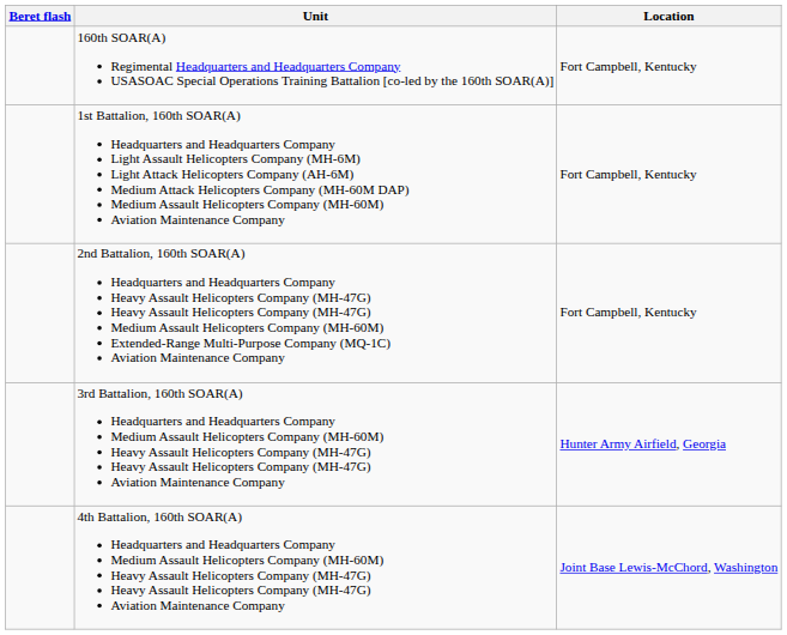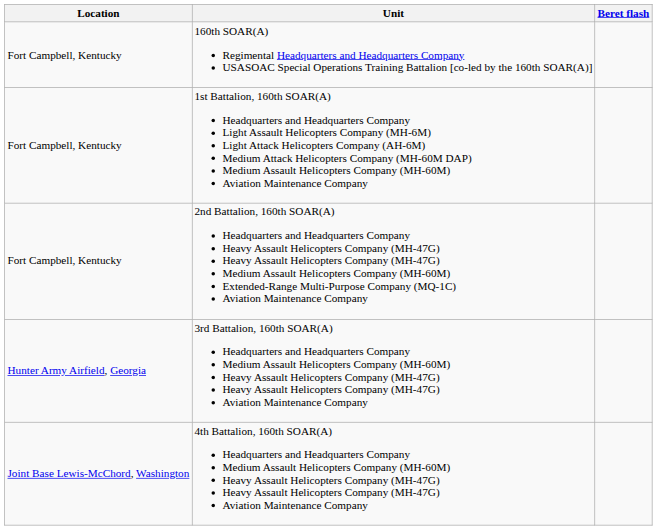 <table class="wikitable" style="margin-left: auto; margin-right: auto; border: none;">
 <tr>
+<th>Location</th>
+<th>Unit</th>
 <th><a href='#'>Beret flash</a></th>
-<th>Unit</th>
-<th>Location</th>
 </tr>
 <tr>
+<td>Fort Campbell, Kentucky</td>
+<td>160th SOAR(A)<br><ul><li>Regimental <a href='#'>Headquarters and Headquarters Company</a></li><li>USASOAC Special Operations Training Battalion [co-led by the 160th SOAR(A)]</li></ul></td>
 <td></td>
-<td>160th SOAR(A)<br><ul><li>Regimental <a href='#'>Headquarters and Headquarters Company</a></li><li>USASOAC Special Operations Training Battalion [co-led by the 160th SOAR(A)]</li></ul></td>
-<td>Fort Campbell, Kentucky</td>
 </tr>
 <tr>
+<td>Fort Campbell, Kentucky</td>
+<td>1st Battalion, 160th SOAR(A)<br><ul><li>Headquarters and Headquarters Company</li><li>Light Assault Helicopters Company (MH-6M)</li><li>Light Attack Helicopters Company (AH-6M)</li><li>Medium Attack Helicopters Company (MH-60M DAP)</li><li>Medium Assault Helicopters Company (MH-60M)</li><li>Aviation Maintenance Company</li></ul></td>
 <td></td>
-<td>1st Battalion, 160th SOAR(A)<br><ul><li>Headquarters and Headquarters Company</li><li>Light Assault Helicopters Company (MH-6M)</li><li>Light Attack Helicopters Company (AH-6M)</li><li>Medium Attack Helicopters Company (MH-60M DAP)</li><li>Medium Assault Helicopters Company (MH-60M)</li><li>Aviation Maintenance Company</li></ul></td>
-<td>Fort Campbell, Kentucky</td>
 </tr>
 <tr>
+<td>Fort Campbell, Kentucky</td>
+<td>2nd Battalion, 160th SOAR(A)<br><ul><li>Headquarters and Headquarters Company</li><li>Heavy Assault Helicopters Company (MH-47G)</li><li>Heavy Assault Helicopters Company (MH-47G)</li><li>Medium Assault Helicopters Company (MH-60M)</li><li>Extended-Range Multi-Purpose Company (MQ-1C)</li><li>Aviation Maintenance Company</li></ul></td>
 <td></td>
-<td>2nd Battalion, 160th SOAR(A)<br><ul><li>Headquarters and Headquarters Company</li><li>Heavy Assault Helicopters Company (MH-47G)</li><li>Heavy Assault Helicopters Company (MH-47G)</li><li>Medium Assault Helicopters Company (MH-60M)</li><li>Extended-Range Multi-Purpose Company (MQ-1C)</li><li>Aviation Maintenance Company</li></ul></td>
-<td>Fort Campbell, Kentucky</td>
 </tr>
 <tr>
+<td><a href='#'>Hunter Army Airfield</a>, <a href='#'>Georgia</a></td>
+<td>3rd Battalion, 160th SOAR(A)<br><ul><li>Headquarters and Headquarters Company</li><li>Medium Assault Helicopters Company (MH-60M)</li><li>Heavy Assault Helicopters Company (MH-47G)</li><li>Heavy Assault Helicopters Company (MH-47G)</li><li>Aviation Maintenance Company</li></ul></td>
 <td></td>
-<td>3rd Battalion, 160th SOAR(A)<br><ul><li>Headquarters and Headquarters Company</li><li>Medium Assault Helicopters Company (MH-60M)</li><li>Heavy Assault Helicopters Company (MH-47G)</li><li>Heavy Assault Helicopters Company (MH-47G)</li><li>Aviation Maintenance Company</li></ul></td>
-<td><a href='#'>Hunter Army Airfield</a>, <a href='#'>Georgia</a></td>
 </tr>
 <tr>
+<td><a href='#'>Joint Base Lewis-McChord</a>, <a href='#'>Washington</a></td>
+<td>4th Battalion, 160th SOAR(A)<br><ul><li>Headquarters and Headquarters Company</li><li>Medium Assault Helicopters Company (MH-60M)</li><li>Heavy Assault Helicopters Company (MH-47G)</li><li>Heavy Assault Helicopters Company (MH-47G)</li><li>Aviation Maintenance Company</li></ul></td>
 <td></td>
-<td>4th Battalion, 160th SOAR(A)<br><ul><li>Headquarters and Headquarters Company</li><li>Medium Assault Helicopters Company (MH-60M)</li><li>Heavy Assault Helicopters Company (MH-47G)</li><li>Heavy Assault Helicopters Company (MH-47G)</li><li>Aviation Maintenance Company</li></ul></td>
-<td><a href='#'>Joint Base Lewis-McChord</a>, <a href='#'>Washington</a></td>
 </tr>
 </table>
